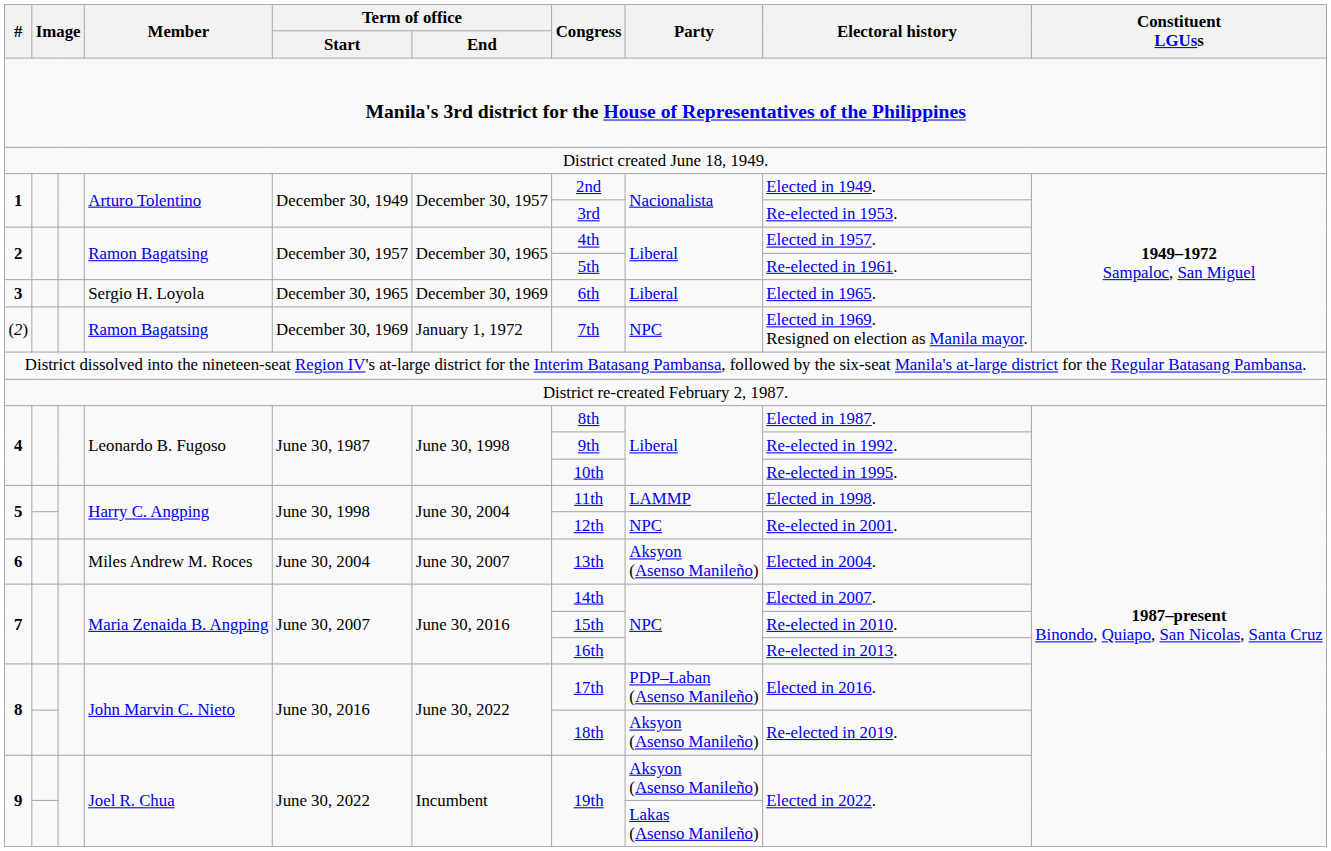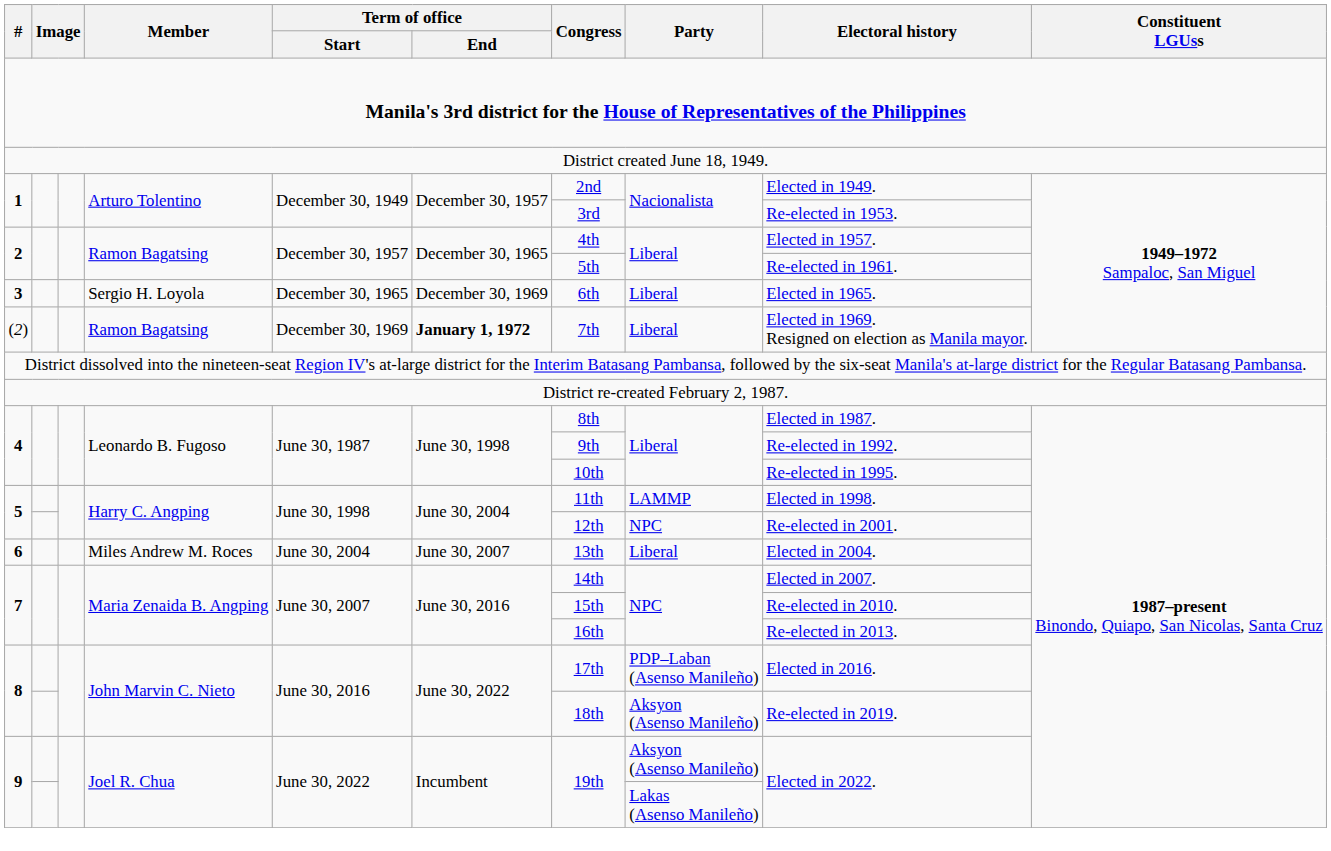 <table class=wikitable>
 <tr>
 <th rowspan="2">#</th>
 <th rowspan="2" colspan=2>Image</th>
 <th rowspan="2">Member</th>
 <th colspan=2>Term of office</th>
 <th rowspan="2">Congress</th>
 <th rowspan="2">Party</th>
 <th rowspan="2">Electoral history</th>
 <th rowspan="2">Constituent<br><a href='#'>LGUs</a>s</th>
 </tr>
 <tr>
 <th>Start</th>
 <th>End</th>
 </tr>
 <tr>
 <td colspan="10" style="text-align:center;"><br><h3>Manila's 3rd district for the <a href='#'>House of Representatives of the Philippines</a></h3></td>
 </tr>
 <tr>
 <td colspan="10" style="text-align:center;">District created June 18, 1949.</td>
 </tr>
 <tr>
 <td rowspan="2" style="text-align:center;"><strong>1</strong></td>
 <td rowspan="2" style="color:inherit;background:"></td>
 <td rowspan="2"></td>
 <td rowspan="2"><a href='#'>Arturo Tolentino</a></td>
 <td rowspan="2">December 30, 1949</td>
 <td rowspan="2">December 30, 1957</td>
 <td style="text-align:center;"><a href='#'>2nd</a></td>
 <td rowspan="2"><a href='#'>Nacionalista</a></td>
 <td><a href='#'>Elected in 1949</a>.</td>
 <td rowspan="6" style="text-align:center;"><strong>1949–1972</strong><br><a href='#'>Sampaloc</a>, <a href='#'>San Miguel</a></td>
 </tr>
 <tr>
 <td style="text-align:center;"><a href='#'>3rd</a></td>
 <td><a href='#'>Re-elected in 1953</a>.</td>
 </tr>
 <tr>
 <td rowspan="2" style="text-align:center;"><strong>2</strong></td>
 <td rowspan="2" style="color:inherit;background:"></td>
 <td rowspan="2"></td>
 <td rowspan="2"><a href='#'>Ramon Bagatsing</a></td>
 <td rowspan="2">December 30, 1957</td>
 <td rowspan="2">December 30, 1965</td>
 <td style="text-align:center;"><a href='#'>4th</a></td>
 <td rowspan="2"><a href='#'>Liberal</a></td>
 <td><a href='#'>Elected in 1957</a>.</td>
 </tr>
 <tr>
 <td style="text-align:center;"><a href='#'>5th</a></td>
 <td><a href='#'>Re-elected in 1961</a>.</td>
 </tr>
 <tr>
 <td style="text-align:center;"><strong>3</strong></td>
 <td style="color:inherit;background:"></td>
 <td></td>
 <td>Sergio H. Loyola</td>
 <td>December 30, 1965</td>
 <td>December 30, 1969</td>
 <td style="text-align:center;"><a href='#'>6th</a></td>
 <td><a href='#'>Liberal</a></td>
 <td><a href='#'>Elected in 1965</a>.</td>
 </tr>
 <tr>
 <td style="text-align:center;">(<em>2</em>)</td>
 <td style="color:inherit;background:"></td>
 <td></td>
 <td><a href='#'>Ramon Bagatsing</a></td>
 <td>December 30, 1969</td>
-<td>January 1, 1972</td>
+<td><strong>January 1, 1972</strong></td>
 <td style="text-align:center;"><a href='#'>7th</a></td>
-<td><a href='#'>NPC</a></td>
+<td><a href='#'>Liberal</a></td>
 <td><a href='#'>Elected in 1969</a>.<br>Resigned on election as <a href='#'>Manila mayor</a>.</td>
 </tr>
 <tr>
 <td colspan="10" style="text-align:center;">District dissolved into the nineteen-seat <a href='#'>Region IV</a>'s at-large district for the <a href='#'>Interim Batasang Pambansa</a>, followed by the six-seat <a href='#'>Manila's at-large district</a> for the <a href='#'>Regular Batasang Pambansa</a>.</td>
 </tr>
 <tr>
 <td colspan="10" style="text-align:center;">District re-created February 2, 1987.</td>
 </tr>
 <tr>
 <td rowspan="3" style="text-align:center;"><strong>4</strong></td>
 <td rowspan="3" style="color:inherit;background:"></td>
 <td rowspan="3"></td>
 <td rowspan="3">Leonardo B. Fugoso</td>
 <td rowspan="3">June 30, 1987</td>
 <td rowspan="3">June 30, 1998</td>
 <td style="text-align:center;"><a href='#'>8th</a></td>
 <td rowspan="3"><a href='#'>Liberal</a></td>
 <td><a href='#'>Elected in 1987</a>.</td>
 <td rowspan="13" style="text-align:center;"><strong>1987–present</strong><br><a href='#'>Binondo</a>, <a href='#'>Quiapo</a>, <a href='#'>San Nicolas</a>, <a href='#'>Santa Cruz</a></td>
 </tr>
 <tr>
 <td style="text-align:center;"><a href='#'>9th</a></td>
 <td><a href='#'>Re-elected in 1992</a>.</td>
 </tr>
 <tr>
 <td style="text-align:center;"><a href='#'>10th</a></td>
 <td><a href='#'>Re-elected in 1995</a>.</td>
 </tr>
 <tr>
 <td rowspan="2" style="text-align:center;"><strong>5</strong></td>
 <td style="color:inherit;background:"></td>
 <td rowspan="2"></td>
 <td rowspan="2"><a href='#'>Harry C. Angping</a></td>
 <td rowspan="2">June 30, 1998</td>
 <td rowspan="2">June 30, 2004</td>
 <td style="text-align:center;"><a href='#'>11th</a></td>
 <td><a href='#'>LAMMP</a></td>
 <td><a href='#'>Elected in 1998</a>.</td>
 </tr>
 <tr>
 <td style="color:inherit;background:"></td>
 <td style="text-align:center;"><a href='#'>12th</a></td>
 <td><a href='#'>NPC</a></td>
 <td><a href='#'>Re-elected in 2001</a>.</td>
 </tr>
 <tr>
 <td style="text-align:center;"><strong>6</strong></td>
 <td style="color:inherit;background:"></td>
 <td></td>
 <td>Miles Andrew M. Roces</td>
 <td>June 30, 2004</td>
 <td>June 30, 2007</td>
 <td style="text-align:center;"><a href='#'>13th</a></td>
-<td><a href='#'>Aksyon</a><br>(<a href='#'>Asenso Manileño</a>)</td>
+<td><a href='#'>Liberal</a></td>
 <td><a href='#'>Elected in 2004</a>.</td>
 </tr>
 <tr>
 <td rowspan="3" style="text-align:center;"><strong>7</strong></td>
 <td rowspan="3" style="color:inherit;background:"></td>
 <td rowspan="3"></td>
 <td rowspan="3"><a href='#'>Maria Zenaida B. Angping</a></td>
 <td rowspan="3">June 30, 2007</td>
 <td rowspan="3">June 30, 2016</td>
 <td style="text-align:center;"><a href='#'>14th</a></td>
 <td rowspan="3"><a href='#'>NPC</a></td>
 <td><a href='#'>Elected in 2007</a>.</td>
 </tr>
 <tr>
 <td style="text-align:center;"><a href='#'>15th</a></td>
 <td><a href='#'>Re-elected in 2010</a>.</td>
 </tr>
 <tr>
 <td style="text-align:center;"><a href='#'>16th</a></td>
 <td><a href='#'>Re-elected in 2013</a>.</td>
 </tr>
 <tr>
 <td rowspan="2" style="text-align:center;"><strong>8</strong></td>
 <td style="color:inherit;background:"></td>
 <td rowspan="2"></td>
 <td rowspan="2"><a href='#'>John Marvin C. Nieto</a></td>
 <td rowspan="2">June 30, 2016</td>
 <td rowspan="2">June 30, 2022</td>
 <td style="text-align:center;"><a href='#'>17th</a></td>
 <td><a href='#'>PDP–Laban</a><br>(<a href='#'>Asenso Manileño</a>)</td>
 <td><a href='#'>Elected in 2016</a>.</td>
 </tr>
 <tr>
 <td style="color:inherit;background:"></td>
 <td style="text-align:center;"><a href='#'>18th</a></td>
 <td><a href='#'>Aksyon</a><br>(<a href='#'>Asenso Manileño</a>)</td>
 <td><a href='#'>Re-elected in 2019</a>.</td>
 </tr>
 <tr>
 <td style="text-align:center;" rowspan="2"><strong>9</strong></td>
 <td style="color:inherit;background:"></td>
 <td rowspan="2"></td>
 <td rowspan="2"><a href='#'>Joel R. Chua</a></td>
 <td rowspan="2">June 30, 2022</td>
 <td rowspan="2">Incumbent</td>
 <td style="text-align:center;" rowspan="2"><a href='#'>19th</a></td>
 <td><a href='#'>Aksyon</a><br>(<a href='#'>Asenso Manileño</a>)</td>
 <td rowspan="2"><a href='#'>Elected in 2022</a>.</td>
 </tr>
 <tr>
 <td style="color:inherit;background:"></td>
 <td><a href='#'>Lakas</a><br>(<a href='#'>Asenso Manileño</a>)</td>
 </tr>
 </table>
